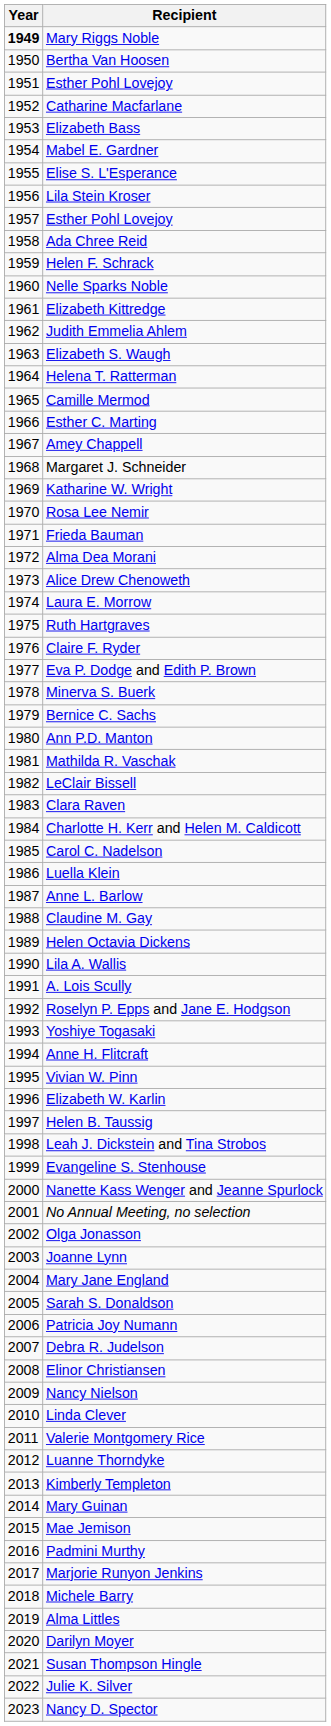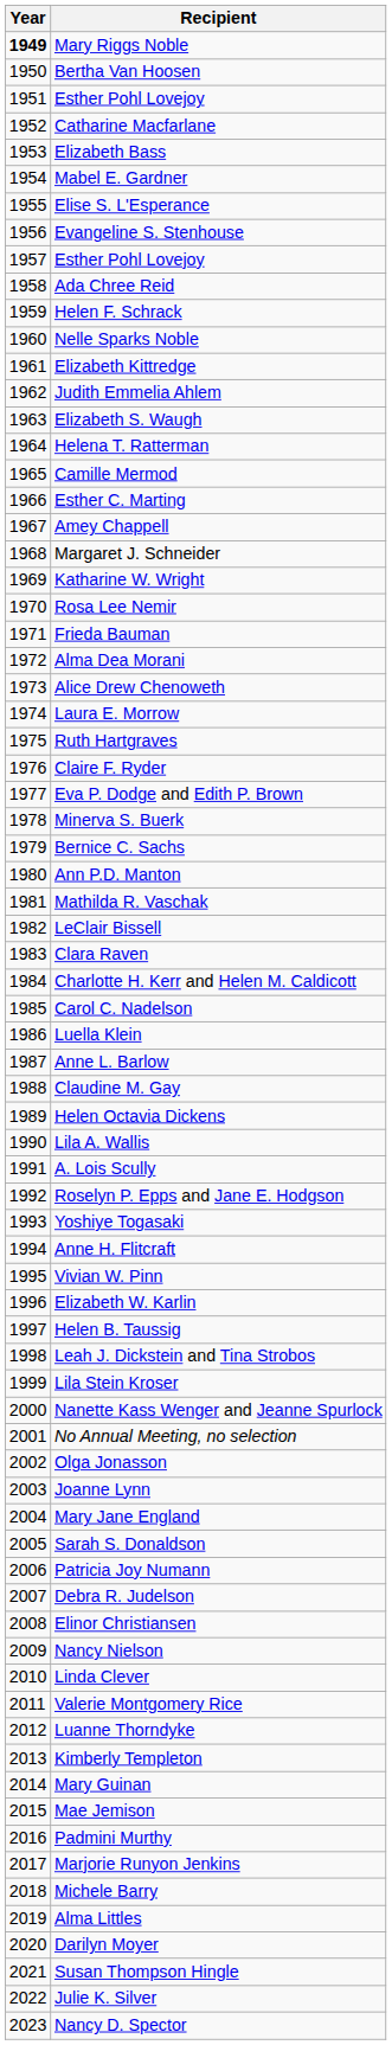 <table class="wikitable">
 <tr>
 <th>Year</th>
 <th>Recipient</th>
 </tr>
 <tr>
 <td><strong>1949</strong></td>
 <td><a href='#'>Mary Riggs Noble</a></td>
 </tr>
 <tr>
 <td>1950</td>
 <td><a href='#'>Bertha Van Hoosen</a></td>
 </tr>
 <tr>
 <td>1951</td>
 <td><a href='#'>Esther Pohl Lovejoy</a></td>
 </tr>
 <tr>
 <td>1952</td>
 <td><a href='#'>Catharine Macfarlane</a></td>
 </tr>
 <tr>
 <td>1953</td>
 <td><a href='#'>Elizabeth Bass</a></td>
 </tr>
 <tr>
 <td>1954</td>
 <td><a href='#'>Mabel E. Gardner</a></td>
 </tr>
 <tr>
 <td>1955</td>
 <td><a href='#'>Elise S. L'Esperance</a></td>
 </tr>
 <tr>
 <td>1956</td>
-<td><a href='#'>Lila Stein Kroser</a></td>
+<td><a href='#'>Evangeline S. Stenhouse</a></td>
 </tr>
 <tr>
 <td>1957</td>
 <td><a href='#'>Esther Pohl Lovejoy</a></td>
 </tr>
 <tr>
 <td>1958</td>
 <td><a href='#'>Ada Chree Reid</a></td>
 </tr>
 <tr>
 <td>1959</td>
 <td><a href='#'>Helen F. Schrack</a></td>
 </tr>
 <tr>
 <td>1960</td>
 <td><a href='#'>Nelle Sparks Noble</a></td>
 </tr>
 <tr>
 <td>1961</td>
 <td><a href='#'>Elizabeth Kittredge</a></td>
 </tr>
 <tr>
 <td>1962</td>
 <td><a href='#'>Judith Emmelia Ahlem</a></td>
 </tr>
 <tr>
 <td>1963</td>
 <td><a href='#'>Elizabeth S. Waugh</a></td>
 </tr>
 <tr>
 <td>1964</td>
 <td><a href='#'>Helena T. Ratterman</a></td>
 </tr>
 <tr>
 <td>1965</td>
 <td><a href='#'>Camille Mermod</a></td>
 </tr>
 <tr>
 <td>1966</td>
 <td><a href='#'>Esther C. Marting</a></td>
 </tr>
 <tr>
 <td>1967</td>
 <td><a href='#'>Amey Chappell</a></td>
 </tr>
 <tr>
 <td>1968</td>
 <td>Margaret J. Schneider</td>
 </tr>
 <tr>
 <td>1969</td>
 <td><a href='#'>Katharine W. Wright</a></td>
 </tr>
 <tr>
 <td>1970</td>
 <td><a href='#'>Rosa Lee Nemir</a></td>
 </tr>
 <tr>
 <td>1971</td>
 <td><a href='#'>Frieda Bauman</a></td>
 </tr>
 <tr>
 <td>1972</td>
 <td><a href='#'>Alma Dea Morani</a></td>
 </tr>
 <tr>
 <td>1973</td>
 <td><a href='#'>Alice Drew Chenoweth</a></td>
 </tr>
 <tr>
 <td>1974</td>
 <td><a href='#'>Laura E. Morrow</a></td>
 </tr>
 <tr>
 <td>1975</td>
 <td><a href='#'>Ruth Hartgraves</a></td>
 </tr>
 <tr>
 <td>1976</td>
 <td><a href='#'>Claire F. Ryder</a></td>
 </tr>
 <tr>
 <td>1977</td>
 <td><a href='#'>Eva P. Dodge</a> and <a href='#'>Edith P. Brown</a></td>
 </tr>
 <tr>
 <td>1978</td>
 <td><a href='#'>Minerva S. Buerk</a></td>
 </tr>
 <tr>
 <td>1979</td>
 <td><a href='#'>Bernice C. Sachs</a></td>
 </tr>
 <tr ---->
 <td>1980</td>
 <td><a href='#'>Ann P.D. Manton</a></td>
 </tr>
 <tr ---->
 <td>1981</td>
 <td><a href='#'>Mathilda R. Vaschak</a></td>
 </tr>
 <tr ---->
 <td>1982</td>
 <td><a href='#'>LeClair Bissell</a></td>
 </tr>
 <tr ---->
 <td>1983</td>
 <td><a href='#'>Clara Raven</a></td>
 </tr>
 <tr ---->
 <td>1984</td>
 <td><a href='#'>Charlotte H. Kerr</a> and <a href='#'>Helen M. Caldicott</a></td>
 </tr>
 <tr ---->
 <td>1985</td>
 <td><a href='#'>Carol C. Nadelson</a></td>
 </tr>
 <tr ---->
 <td>1986</td>
 <td><a href='#'>Luella Klein</a></td>
 </tr>
 <tr ---->
 <td>1987</td>
 <td><a href='#'>Anne L. Barlow</a></td>
 </tr>
 <tr ---->
 <td>1988</td>
 <td><a href='#'>Claudine M. Gay</a></td>
 </tr>
 <tr ---->
 <td>1989</td>
 <td><a href='#'>Helen Octavia Dickens</a></td>
 </tr>
 <tr ---->
 <td>1990</td>
 <td><a href='#'>Lila A. Wallis</a></td>
 </tr>
 <tr ---->
 <td>1991</td>
 <td><a href='#'>A. Lois Scully</a></td>
 </tr>
 <tr ---->
 <td>1992</td>
 <td><a href='#'>Roselyn P. Epps</a> and <a href='#'>Jane E. Hodgson</a></td>
 </tr>
 <tr ---->
 <td>1993</td>
 <td><a href='#'>Yoshiye Togasaki</a></td>
 </tr>
 <tr ---->
 <td>1994</td>
 <td><a href='#'>Anne H. Flitcraft</a></td>
 </tr>
 <tr ---->
 <td>1995</td>
 <td><a href='#'>Vivian W. Pinn</a></td>
 </tr>
 <tr ---->
 <td>1996</td>
 <td><a href='#'>Elizabeth W. Karlin</a></td>
 </tr>
 <tr ---->
 <td>1997</td>
 <td><a href='#'>Helen B. Taussig</a></td>
 </tr>
 <tr ---->
 <td>1998</td>
 <td><a href='#'>Leah J. Dickstein</a> and <a href='#'>Tina Strobos</a></td>
 </tr>
 <tr ---->
 <td>1999</td>
-<td><a href='#'>Evangeline S. Stenhouse</a></td>
+<td><a href='#'>Lila Stein Kroser</a></td>
 </tr>
 <tr ---->
 <td>2000</td>
 <td><a href='#'>Nanette Kass Wenger</a> and <a href='#'>Jeanne Spurlock</a></td>
 </tr>
 <tr ---->
 <td>2001</td>
 <td><em>No Annual Meeting, no selection</em></td>
 </tr>
 <tr ---->
 <td>2002</td>
 <td><a href='#'>Olga Jonasson</a></td>
 </tr>
 <tr ---->
 <td>2003</td>
 <td><a href='#'>Joanne Lynn</a></td>
 </tr>
 <tr ---->
 <td>2004</td>
 <td><a href='#'>Mary Jane England</a></td>
 </tr>
 <tr>
 <td>2005</td>
 <td><a href='#'>Sarah S. Donaldson</a></td>
 </tr>
 <tr>
 <td>2006</td>
 <td><a href='#'>Patricia Joy Numann</a></td>
 </tr>
 <tr>
 <td>2007</td>
 <td><a href='#'>Debra R. Judelson</a></td>
 </tr>
 <tr>
 <td>2008</td>
 <td><a href='#'>Elinor Christiansen</a></td>
 </tr>
 <tr>
 <td>2009</td>
 <td><a href='#'>Nancy Nielson</a></td>
 </tr>
 <tr>
 <td>2010</td>
 <td><a href='#'>Linda Clever</a></td>
 </tr>
 <tr>
 <td>2011</td>
 <td><a href='#'>Valerie Montgomery Rice</a></td>
 </tr>
 <tr>
 <td>2012</td>
 <td><a href='#'>Luanne Thorndyke</a></td>
 </tr>
 <tr>
 <td>2013</td>
 <td><a href='#'>Kimberly Templeton</a></td>
 </tr>
 <tr>
 <td>2014</td>
 <td><a href='#'>Mary Guinan</a></td>
 </tr>
 <tr>
 <td>2015</td>
 <td><a href='#'>Mae Jemison</a></td>
 </tr>
 <tr>
 <td>2016</td>
 <td><a href='#'>Padmini Murthy</a></td>
 </tr>
 <tr>
 <td>2017</td>
 <td><a href='#'>Marjorie Runyon Jenkins</a></td>
 </tr>
 <tr>
 <td>2018</td>
 <td><a href='#'>Michele Barry</a></td>
 </tr>
 <tr>
 <td>2019</td>
 <td><a href='#'>Alma Littles</a></td>
 </tr>
 <tr>
 <td>2020</td>
 <td><a href='#'>Darilyn Moyer</a></td>
 </tr>
 <tr>
 <td>2021</td>
 <td><a href='#'>Susan Thompson Hingle</a></td>
 </tr>
 <tr>
 <td>2022</td>
 <td><a href='#'>Julie K. Silver</a></td>
 </tr>
 <tr>
 <td>2023</td>
 <td><a href='#'>Nancy D. Spector</a></td>
 </tr>
 </table>
